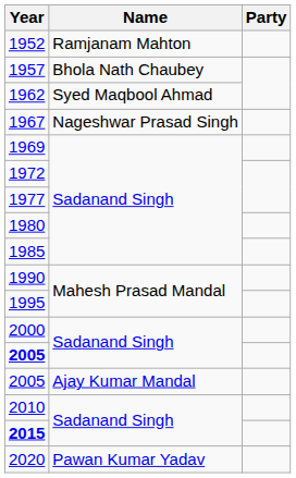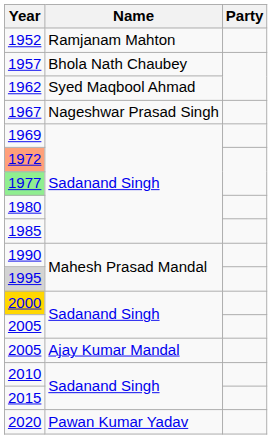 <table class="wikitable sortable">
 <tr>
 <th>Year</th>
 <th>Name</th>
 <th colspan="2">Party</th>
 </tr>
 <tr>
 <td><a href='#'>1952</a></td>
 <td>Ramjanam Mahton</td>
 <td></td>
 </tr>
 <tr>
 <td><a href='#'>1957</a></td>
 <td>Bhola Nath Chaubey</td>
 </tr>
 <tr>
 <td><a href='#'>1962</a></td>
 <td>Syed Maqbool Ahmad</td>
 </tr>
 <tr>
 <td><a href='#'>1967</a></td>
 <td>Nageshwar Prasad Singh</td>
 <td></td>
 </tr>
 <tr>
 <td><a href='#'>1969</a></td>
 <td rowspan="5"><a href='#'>Sadanand Singh</a></td>
 <td></td>
 </tr>
 <tr>
-<td><a href='#'>1972</a></td>
+<td style="background: lightsalmon;"><a href='#'>1972</a></td>
 </tr>
 <tr>
-<td><a href='#'>1977</a></td>
+<td style="background: lightgreen;"><a href='#'>1977</a></td>
 </tr>
 <tr>
 <td><a href='#'>1980</a></td>
 <td></td>
 </tr>
 <tr>
 <td><a href='#'>1985</a></td>
 <td></td>
 </tr>
 <tr>
 <td><a href='#'>1990</a></td>
 <td rowspan="2">Mahesh Prasad Mandal</td>
 <td></td>
 </tr>
 <tr>
-<td><a href='#'>1995</a></td>
+<td style="background: lightgrey;"><a href='#'>1995</a></td>
 </tr>
 <tr>
-<td><a href='#'>2000</a></td>
+<td style="background: gold;"><a href='#'>2000</a></td>
 <td rowspan="2"><a href='#'>Sadanand Singh</a></td>
 <td></td>
 </tr>
 <tr>
-<td><strong><a href='#'>2005</a></strong></td>
+<td><a href='#'>2005</a></td>
 </tr>
 <tr>
 <td><a href='#'>2005</a></td>
 <td><a href='#'>Ajay Kumar Mandal</a></td>
 <td></td>
 </tr>
 <tr>
 <td><a href='#'>2010</a></td>
 <td rowspan="2"><a href='#'>Sadanand Singh</a></td>
 <td></td>
 </tr>
 <tr>
-<td><strong><a href='#'>2015</a></strong></td>
+<td><a href='#'>2015</a></td>
 </tr>
 <tr>
 <td><a href='#'>2020</a></td>
 <td><a href='#'>Pawan Kumar Yadav</a></td>
 <td></td>
 </tr>
 </table>
